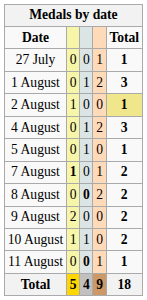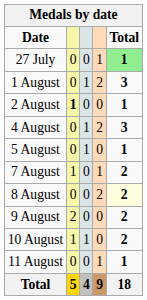 <table class="wikitable" style="font-size:85%">
 <tr bgcolor="#efefef">
 <th colspan=6>Medals by date</th>
 </tr>
 <tr align=center>
 <td><strong>Date</strong></td>
 <td bgcolor=#f7f6a8></td>
 <td bgcolor=#dce5e5></td>
 <td bgcolor=#ffdab9></td>
 <td><strong>Total</strong></td>
 </tr>
 <tr align=center>
 <td>27 July</td>
 <td style="background:#F7F6A8;">0</td>
 <td style="background:#DCE5E5;">0</td>
 <td style="background:#FFDAB9;">1</td>
-<td><strong>1</strong></td>
+<td style="background: lightgreen;"><strong>1</strong></td>
 </tr>
 <tr align=center>
 <td>1 August</td>
 <td style="background:#F7F6A8;">0</td>
 <td style="background:#DCE5E5;">1</td>
 <td style="background:#FFDAB9;">2</td>
 <td><strong>3</strong></td>
 </tr>
 <tr align=center>
 <td>2 August</td>
-<td style="background:#F7F6A8;">1</td>
+<td style="background:#F7F6A8;"><strong>1</strong></td>
 <td style="background:#DCE5E5;">0</td>
 <td style="background:#FFDAB9;">0</td>
-<td style="background: khaki;"><strong>1</strong></td>
+<td><strong>1</strong></td>
 </tr>
 <tr align=center>
 <td>4 August</td>
 <td style="background:#F7F6A8;">0</td>
 <td style="background:#DCE5E5;">1</td>
 <td style="background:#FFDAB9;">2</td>
 <td><strong>3</strong></td>
 </tr>
 <tr align=center>
 <td>5 August</td>
 <td style="background:#F7F6A8;">0</td>
 <td style="background:#DCE5E5;">1</td>
 <td style="background:#FFDAB9;">0</td>
 <td><strong>1</strong></td>
 </tr>
 <tr align=center>
 <td>7 August</td>
-<td style="background:#F7F6A8;"><strong>1</strong></td>
+<td style="background:#F7F6A8;">1</td>
 <td style="background:#DCE5E5;">0</td>
 <td style="background:#FFDAB9;">1</td>
 <td><strong>2</strong></td>
 </tr>
 <tr align=center>
 <td>8 August</td>
 <td style="background:#F7F6A8;">0</td>
-<td style="background:#DCE5E5;"><strong>0</strong></td>
+<td style="background:#DCE5E5;">0</td>
 <td style="background:#FFDAB9;">2</td>
-<td><strong>2</strong></td>
+<td style="background: lightyellow;"><strong>2</strong></td>
 </tr>
 <tr align=center>
 <td>9 August</td>
 <td style="background:#F7F6A8;">2</td>
 <td style="background:#DCE5E5;">0</td>
 <td style="background:#FFDAB9;">0</td>
 <td><strong>2</strong></td>
 </tr>
 <tr align=center>
 <td>10 August</td>
 <td style="background:#F7F6A8;">1</td>
 <td style="background:#DCE5E5;">1</td>
 <td style="background:#FFDAB9;">0</td>
 <td><strong>2</strong></td>
 </tr>
 <tr align=center>
 <td>11 August</td>
 <td style="background:#F7F6A8;">0</td>
-<td style="background:#DCE5E5;"><strong>0</strong></td>
+<td style="background:#DCE5E5;">0</td>
 <td style="background:#FFDAB9;">1</td>
 <td><strong>1</strong></td>
 </tr>
 <tr align=center>
 <th><strong>Total</strong></th>
 <th style="background:gold;"><strong>5</strong></th>
 <th style="background:silver;"><strong>4</strong></th>
 <th style="background:#c96;"><strong>9</strong></th>
 <th>18</th>
 </tr>
 </table>
